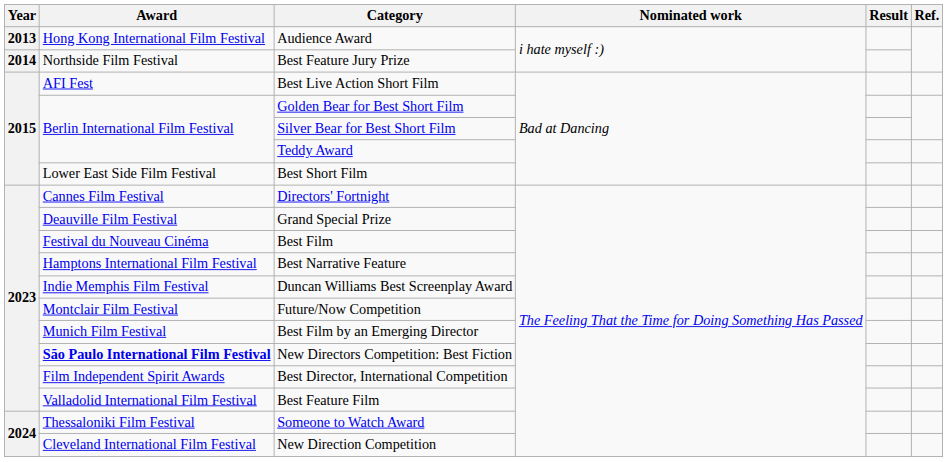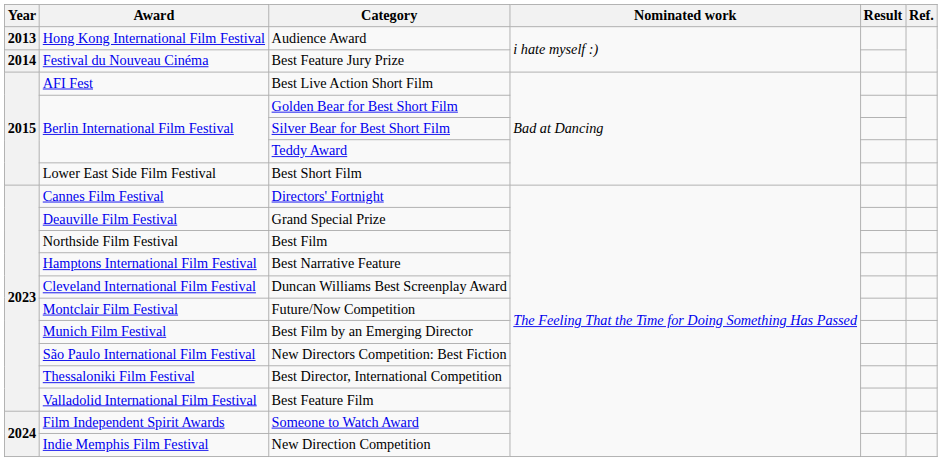 <table class="wikitable plainrowheaders">
 <tr>
 <th scope="row">Year</th>
 <th scope="row">Award</th>
 <th scope="row">Category</th>
 <th scope="row">Nominated work</th>
 <th scope="row">Result</th>
 <th scope="row">Ref.</th>
 </tr>
 <tr>
 <th scope="row">2013</th>
 <td><a href='#'>Hong Kong International Film Festival</a></td>
 <td>Audience Award</td>
 <td rowspan="2"><em>i hate myself :)</em></td>
 <td></td>
 <td align="center" rowspan="2"></td>
 </tr>
 <tr>
 <th scope="row">2014</th>
-<td>Northside Film Festival</td>
+<td><a href='#'>Festival du Nouveau Cinéma</a></td>
 <td>Best Feature Jury Prize</td>
 <td></td>
 </tr>
 <tr>
 <th scope="row" rowspan="5">2015</th>
 <td><a href='#'>AFI Fest</a></td>
 <td>Best Live Action Short Film</td>
 <td rowspan="5"><em>Bad at Dancing</em></td>
 <td></td>
 <td></td>
 </tr>
 <tr>
 <td rowspan="3"><a href='#'>Berlin International Film Festival</a></td>
 <td><a href='#'>Golden Bear for Best Short Film</a></td>
 <td></td>
 <td rowspan="2" align="center"></td>
 </tr>
 <tr>
 <td><a href='#'>Silver Bear for Best Short Film</a></td>
 <td></td>
 </tr>
 <tr>
 <td><a href='#'>Teddy Award</a></td>
 <td></td>
 <td align="center"></td>
 </tr>
 <tr>
 <td>Lower East Side Film Festival</td>
 <td>Best Short Film</td>
 <td></td>
 <td align="center"></td>
 </tr>
 <tr>
 <th scope="row" rowspan="10">2023</th>
 <td><a href='#'>Cannes Film Festival</a></td>
 <td><a href='#'>Directors' Fortnight</a></td>
 <td rowspan="12"><em><a href='#'>The Feeling That the Time for Doing Something Has Passed</a></em></td>
 <td></td>
 <td align="center"></td>
 </tr>
 <tr>
 <td><a href='#'>Deauville Film Festival</a></td>
 <td>Grand Special Prize</td>
 <td></td>
 <td align="center"></td>
 </tr>
 <tr>
-<td><a href='#'>Festival du Nouveau Cinéma</a></td>
+<td>Northside Film Festival</td>
 <td>Best Film</td>
 <td></td>
 <td align="center"></td>
 </tr>
 <tr>
 <td><a href='#'>Hamptons International Film Festival</a></td>
 <td>Best Narrative Feature</td>
 <td></td>
 <td align="center"></td>
 </tr>
 <tr>
-<td><a href='#'>Indie Memphis Film Festival</a></td>
+<td><a href='#'>Cleveland International Film Festival</a></td>
 <td>Duncan Williams Best Screenplay Award</td>
 <td></td>
 <td align="center"></td>
 </tr>
 <tr>
 <td><a href='#'>Montclair Film Festival</a></td>
 <td>Future/Now Competition</td>
 <td></td>
 <td align="center"></td>
 </tr>
 <tr>
 <td><a href='#'>Munich Film Festival</a></td>
 <td>Best Film by an Emerging Director</td>
 <td></td>
 <td align="center"></td>
 </tr>
 <tr>
-<td><strong><a href='#'>São Paulo International Film Festival</a></strong></td>
+<td><a href='#'>São Paulo International Film Festival</a></td>
 <td>New Directors Competition: Best Fiction</td>
 <td></td>
 <td align="center"></td>
 </tr>
 <tr>
-<td><a href='#'>Film Independent Spirit Awards</a></td>
+<td><a href='#'>Thessaloniki Film Festival</a></td>
 <td>Best Director, International Competition</td>
 <td></td>
 <td align="center"></td>
 </tr>
 <tr>
 <td><a href='#'>Valladolid International Film Festival</a></td>
 <td>Best Feature Film</td>
 <td></td>
 <td align="center"></td>
 </tr>
 <tr>
 <th scope="row" rowspan="2">2024</th>
-<td><a href='#'>Thessaloniki Film Festival</a></td>
+<td><a href='#'>Film Independent Spirit Awards</a></td>
 <td><a href='#'>Someone to Watch Award</a></td>
 <td></td>
 <td align="center"></td>
 </tr>
 <tr>
-<td><a href='#'>Cleveland International Film Festival</a></td>
+<td><a href='#'>Indie Memphis Film Festival</a></td>
 <td>New Direction Competition</td>
 <td></td>
 <td align="center"></td>
 </tr>
 </table>
